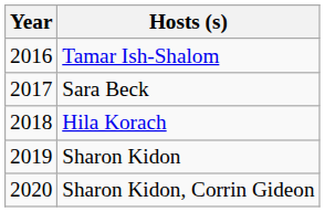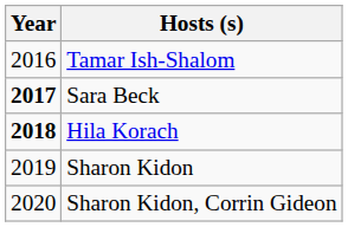 <table class="wikitable">
 <tr>
 <th>Year</th>
 <th>Hosts (s)</th>
 </tr>
 <tr>
 <td>2016</td>
 <td><a href='#'>Tamar Ish-Shalom</a></td>
 </tr>
 <tr>
-<td>2017</td>
+<td><strong>2017</strong></td>
 <td>Sara Beck</td>
 </tr>
 <tr>
-<td>2018</td>
+<td><strong>2018</strong></td>
 <td><a href='#'>Hila Korach</a></td>
 </tr>
 <tr>
 <td>2019</td>
 <td>Sharon Kidon</td>
 </tr>
 <tr>
 <td>2020</td>
 <td>Sharon Kidon, Corrin Gideon</td>
 </tr>
 </table>
